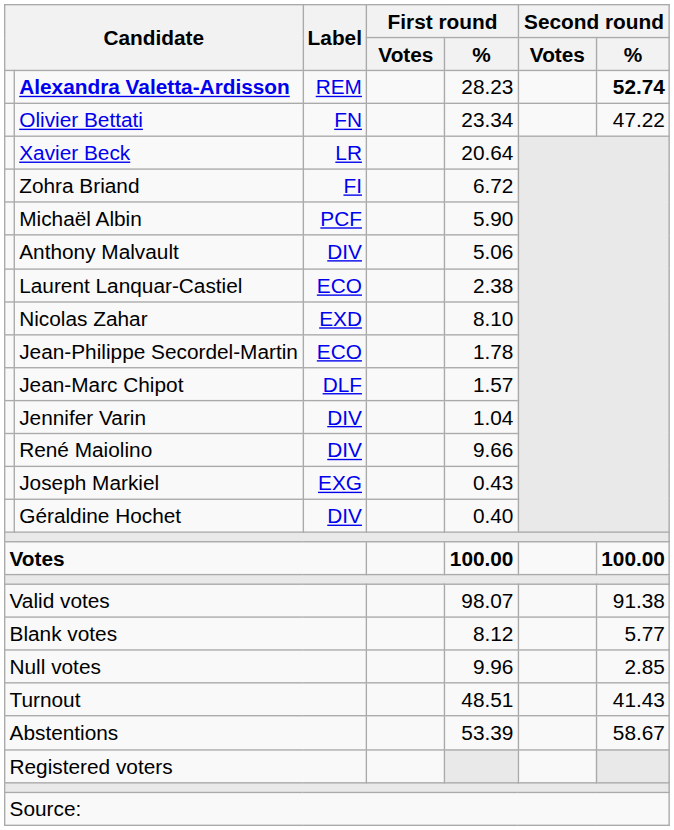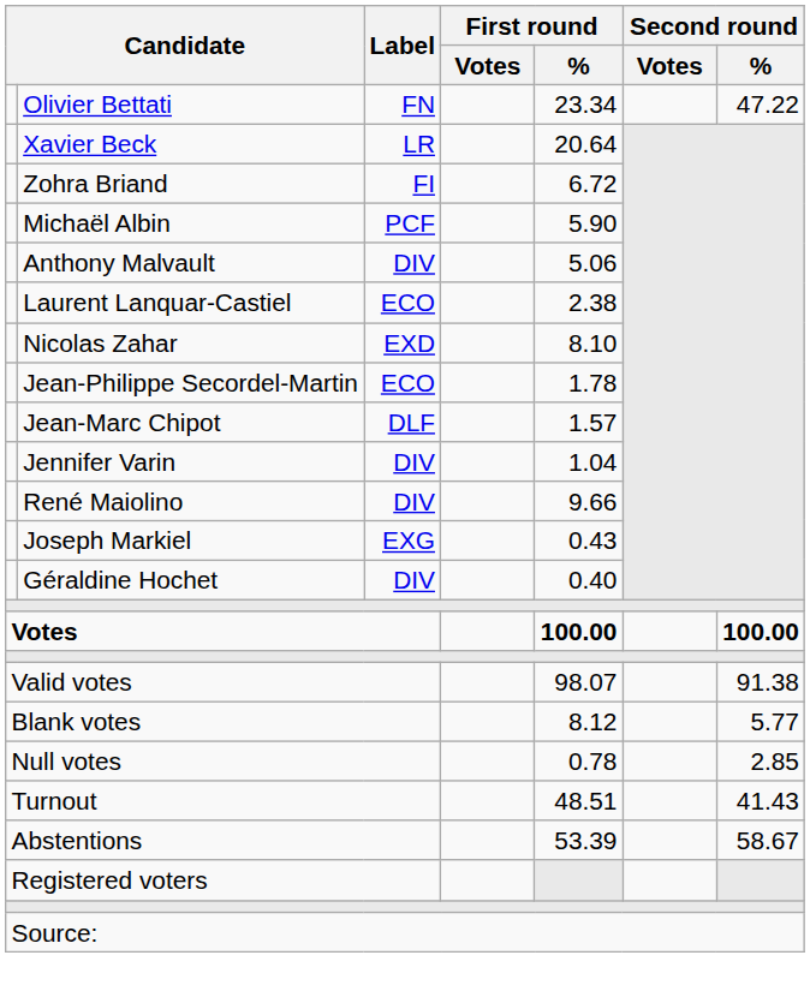 <table class="wikitable" style="text-align:right;font-size:95%;">
 <tr>
 <th rowspan="2" colspan="2">Candidate</th>
 <th rowspan="2">Label</th>
 <th colspan="2">First round</th>
 <th colspan="2">Second round</th>
 </tr>
 <tr>
 <th style="width:50px;">Votes</th>
 <th style="width:45px;">%</th>
 <th style="width:50px;">Votes</th>
 <th style="width:45px;">%</th>
-</tr>
-<tr>
-<td style="color:inherit;background:"></td>
-<td style="text-align:left;"><strong><a href='#'>Alexandra Valetta-Ardisson</a></strong></td>
-<td><a href='#'>REM</a></td>
-<td></td>
-<td>28.23</td>
-<td><strong></strong></td>
-<td><strong>52.74</strong></td>
 </tr>
 <tr>
 <td style="color:inherit;background:"></td>
 <td style="text-align:left;"><a href='#'>Olivier Bettati</a></td>
 <td><a href='#'>FN</a></td>
 <td></td>
 <td>23.34</td>
 <td></td>
 <td>47.22</td>
 </tr>
 <tr>
 <td style="color:inherit;background:"></td>
 <td style="text-align:left;"><a href='#'>Xavier Beck</a></td>
 <td><a href='#'>LR</a></td>
 <td></td>
 <td>20.64</td>
 <td colspan="2" rowspan="12" style="background:#E9E9E9;"></td>
 </tr>
 <tr>
 <td style="color:inherit;background:"></td>
 <td style="text-align:left;">Zohra Briand</td>
 <td><a href='#'>FI</a></td>
 <td></td>
 <td>6.72</td>
 </tr>
 <tr>
 <td style="color:inherit;background:"></td>
 <td style="text-align:left;">Michaël Albin</td>
 <td><a href='#'>PCF</a></td>
 <td></td>
 <td>5.90</td>
 </tr>
 <tr>
 <td style="color:inherit;background:"></td>
 <td style="text-align:left;">Anthony Malvault</td>
 <td><a href='#'>DIV</a></td>
 <td></td>
 <td>5.06</td>
 </tr>
 <tr>
 <td style="color:inherit;background:"></td>
 <td style="text-align:left;">Laurent Lanquar-Castiel</td>
 <td><a href='#'>ECO</a></td>
 <td></td>
 <td>2.38</td>
 </tr>
 <tr>
 <td style="color:inherit;background:"></td>
 <td style="text-align:left;">Nicolas Zahar</td>
 <td><a href='#'>EXD</a></td>
 <td></td>
 <td>8.10</td>
 </tr>
 <tr>
 <td style="color:inherit;background:"></td>
 <td style="text-align:left;">Jean-Philippe Secordel-Martin</td>
 <td><a href='#'>ECO</a></td>
 <td></td>
 <td>1.78</td>
 </tr>
 <tr>
 <td style="color:inherit;background:"></td>
 <td style="text-align:left;">Jean-Marc Chipot</td>
 <td><a href='#'>DLF</a></td>
 <td></td>
 <td>1.57</td>
 </tr>
 <tr>
 <td style="color:inherit;background:"></td>
 <td style="text-align:left;">Jennifer Varin</td>
 <td><a href='#'>DIV</a></td>
 <td></td>
 <td>1.04</td>
 </tr>
 <tr>
 <td style="color:inherit;background:"></td>
 <td style="text-align:left;">René Maiolino</td>
 <td><a href='#'>DIV</a></td>
 <td></td>
 <td>9.66</td>
 </tr>
 <tr>
 <td style="color:inherit;background:"></td>
 <td style="text-align:left;">Joseph Markiel</td>
 <td><a href='#'>EXG</a></td>
 <td></td>
 <td>0.43</td>
 </tr>
 <tr>
 <td style="color:inherit;background:"></td>
 <td style="text-align:left;">Géraldine Hochet</td>
 <td><a href='#'>DIV</a></td>
 <td></td>
 <td>0.40</td>
 </tr>
 <tr>
 <td colspan="7" style="background:#E9E9E9;"></td>
 </tr>
 <tr style="font-weight:bold;">
 <td colspan="3" style="text-align:left;">Votes</td>
 <td></td>
 <td>100.00</td>
 <td></td>
 <td>100.00</td>
 </tr>
 <tr>
 <td colspan="7" style="background:#E9E9E9;"></td>
 </tr>
 <tr>
 <td colspan="3" style="text-align:left;">Valid votes</td>
 <td></td>
 <td>98.07</td>
 <td></td>
 <td>91.38</td>
 </tr>
 <tr>
 <td colspan="3" style="text-align:left;">Blank votes</td>
 <td></td>
 <td>8.12</td>
 <td></td>
 <td>5.77</td>
 </tr>
 <tr>
 <td colspan="3" style="text-align:left;">Null votes</td>
 <td></td>
-<td>9.96</td>
+<td>0.78</td>
 <td></td>
 <td>2.85</td>
 </tr>
 <tr>
 <td colspan="3" style="text-align:left;">Turnout</td>
 <td></td>
 <td>48.51</td>
 <td></td>
 <td>41.43</td>
 </tr>
 <tr>
 <td colspan="3" style="text-align:left;">Abstentions</td>
 <td></td>
 <td>53.39</td>
 <td></td>
 <td>58.67</td>
 </tr>
 <tr>
 <td colspan="3" style="text-align:left;">Registered voters</td>
 <td></td>
 <td style="background:#E9E9E9;"></td>
 <td></td>
 <td style="background:#E9E9E9;"></td>
 </tr>
 <tr>
 <td colspan="7" style="background:#E9E9E9;"></td>
 </tr>
 <tr>
 <td colspan="7" style="text-align:left;">Source: </td>
 </tr>
 </table>
